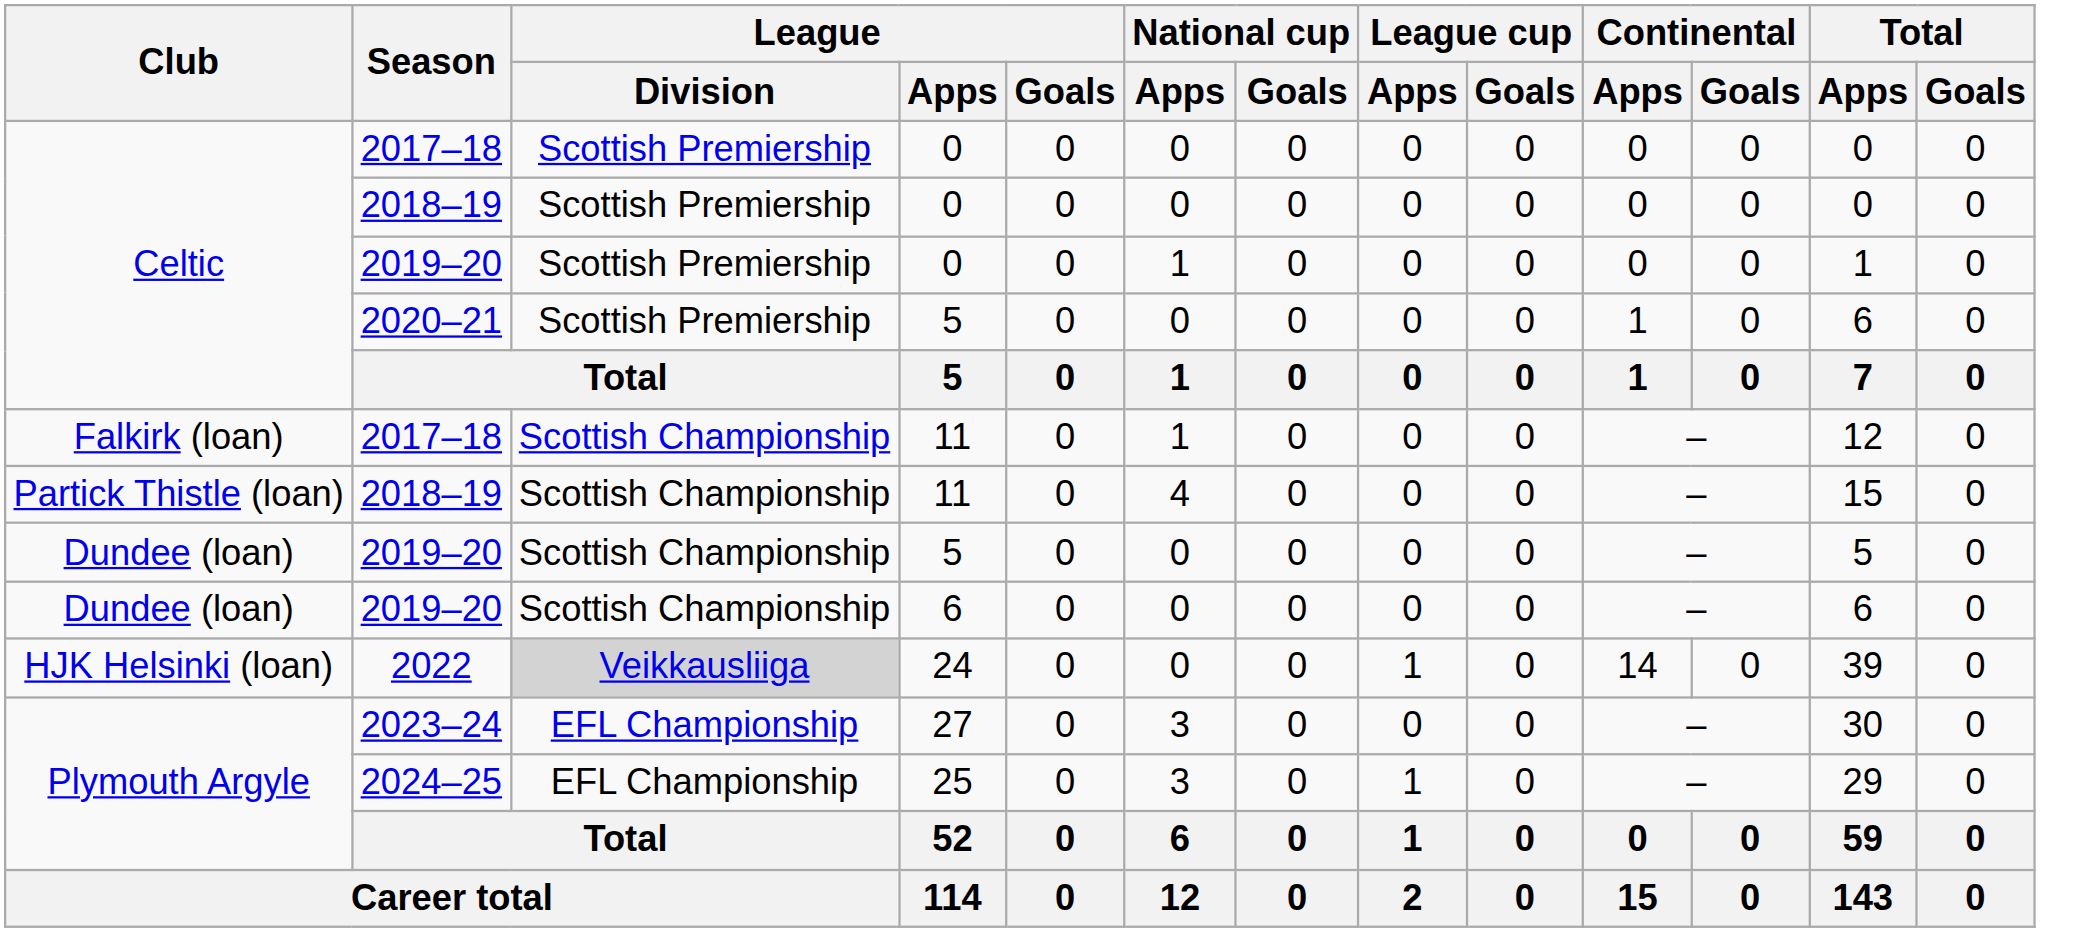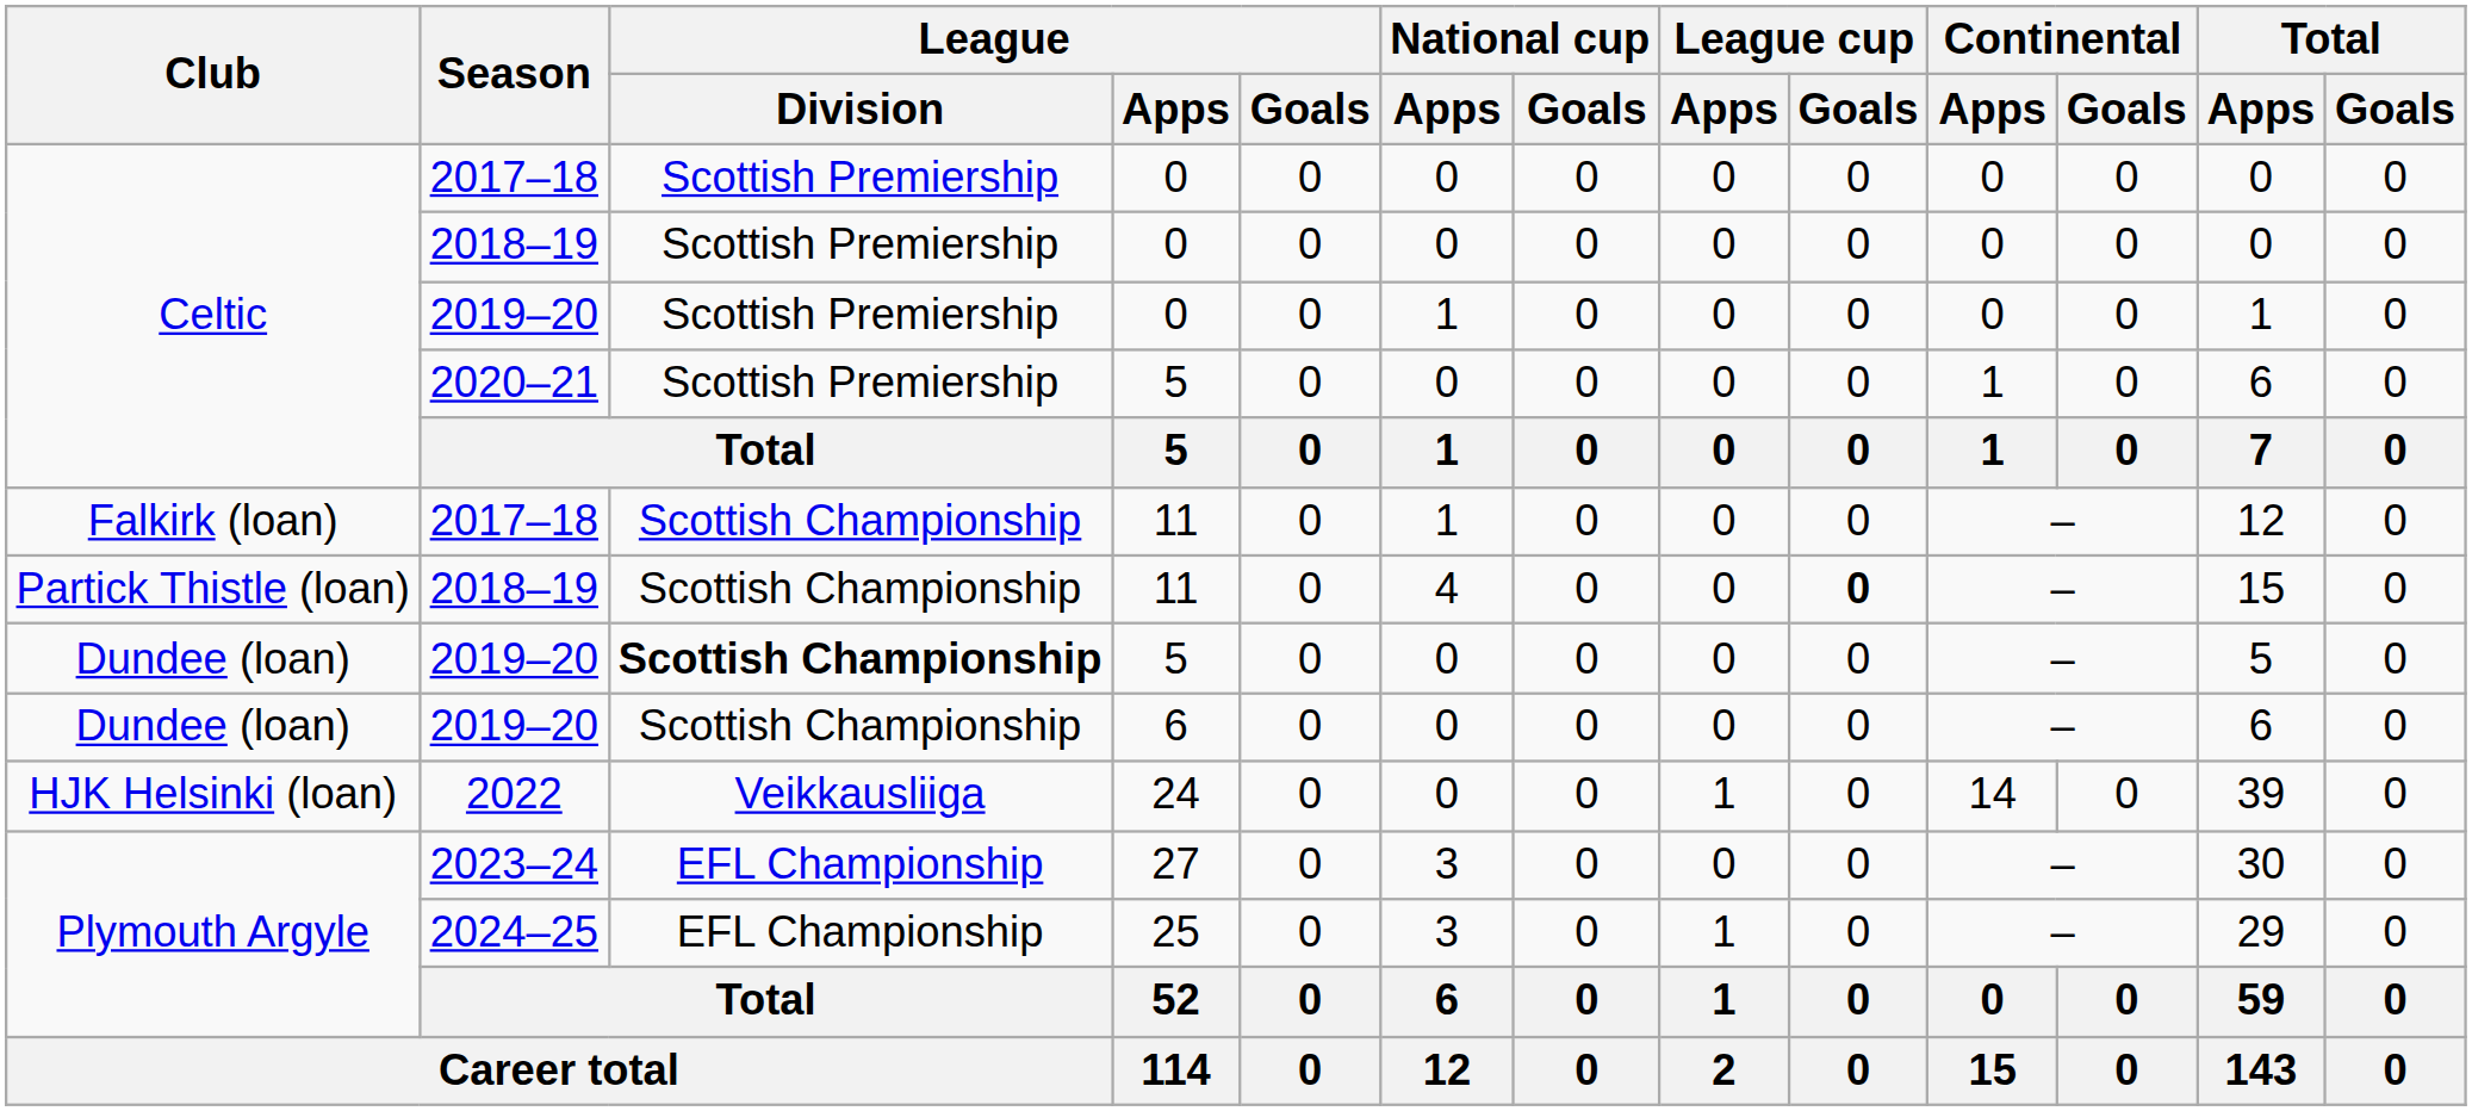 <table class="wikitable" style="text-align: center">
 <tr>
 <th rowspan="2">Club</th>
 <th rowspan="2">Season</th>
 <th colspan="3">League</th>
 <th colspan="2">National cup</th>
 <th colspan="2">League cup</th>
 <th colspan="2">Continental</th>
 <th colspan="2">Total</th>
 </tr>
 <tr>
 <th>Division</th>
 <th>Apps</th>
 <th>Goals</th>
 <th>Apps</th>
 <th>Goals</th>
 <th>Apps</th>
 <th>Goals</th>
 <th>Apps</th>
 <th>Goals</th>
 <th>Apps</th>
 <th>Goals</th>
 </tr>
 <tr>
 <td rowspan="5"><a href='#'>Celtic</a></td>
 <td><a href='#'>2017–18</a></td>
 <td><a href='#'>Scottish Premiership</a></td>
 <td>0</td>
 <td>0</td>
 <td>0</td>
 <td>0</td>
 <td>0</td>
 <td>0</td>
 <td>0</td>
 <td>0</td>
 <td>0</td>
 <td>0</td>
 </tr>
 <tr>
 <td><a href='#'>2018–19</a></td>
 <td>Scottish Premiership</td>
 <td>0</td>
 <td>0</td>
 <td>0</td>
 <td>0</td>
 <td>0</td>
 <td>0</td>
 <td>0</td>
 <td>0</td>
 <td>0</td>
 <td>0</td>
 </tr>
 <tr>
 <td><a href='#'>2019–20</a></td>
 <td>Scottish Premiership</td>
 <td>0</td>
 <td>0</td>
 <td>1</td>
 <td>0</td>
 <td>0</td>
 <td>0</td>
 <td>0</td>
 <td>0</td>
 <td>1</td>
 <td>0</td>
 </tr>
 <tr>
 <td><a href='#'>2020–21</a></td>
 <td>Scottish Premiership</td>
 <td>5</td>
 <td>0</td>
 <td>0</td>
 <td>0</td>
 <td>0</td>
 <td>0</td>
 <td>1</td>
 <td>0</td>
 <td>6</td>
 <td>0</td>
 </tr>
 <tr>
 <th colspan="2">Total</th>
 <th>5</th>
 <th>0</th>
 <th>1</th>
 <th>0</th>
 <th>0</th>
 <th>0</th>
 <th>1</th>
 <th>0</th>
 <th>7</th>
 <th>0</th>
 </tr>
 <tr>
 <td><a href='#'>Falkirk</a> (loan)</td>
 <td><a href='#'>2017–18</a></td>
 <td><a href='#'>Scottish Championship</a></td>
 <td>11</td>
 <td>0</td>
 <td>1</td>
 <td>0</td>
 <td>0</td>
 <td>0</td>
 <td colspan=2>–</td>
 <td>12</td>
 <td>0</td>
 </tr>
 <tr>
 <td><a href='#'>Partick Thistle</a> (loan)</td>
 <td><a href='#'>2018–19</a></td>
 <td>Scottish Championship</td>
 <td>11</td>
 <td>0</td>
 <td>4</td>
 <td>0</td>
 <td>0</td>
-<td>0</td>
+<td><strong>0</strong></td>
 <td colspan=2>–</td>
 <td>15</td>
 <td>0</td>
 </tr>
 <tr>
 <td><a href='#'>Dundee</a> (loan)</td>
 <td><a href='#'>2019–20</a></td>
-<td>Scottish Championship</td>
+<td><strong>Scottish Championship</strong></td>
 <td>5</td>
 <td>0</td>
 <td>0</td>
 <td>0</td>
 <td>0</td>
 <td>0</td>
 <td colspan=2>–</td>
 <td>5</td>
 <td>0</td>
 </tr>
 <tr>
 <td><a href='#'>Dundee</a> (loan)</td>
 <td><a href='#'>2019–20</a></td>
 <td>Scottish Championship</td>
 <td>6</td>
 <td>0</td>
 <td>0</td>
 <td>0</td>
 <td>0</td>
 <td>0</td>
 <td colspan=2>–</td>
 <td>6</td>
 <td>0</td>
 </tr>
 <tr>
 <td><a href='#'>HJK Helsinki</a> (loan)</td>
 <td><a href='#'>2022</a></td>
-<td style="background: lightgrey;"><a href='#'>Veikkausliiga</a></td>
+<td><a href='#'>Veikkausliiga</a></td>
 <td>24</td>
 <td>0</td>
 <td>0</td>
 <td>0</td>
 <td>1</td>
 <td>0</td>
 <td>14</td>
 <td>0</td>
 <td>39</td>
 <td>0</td>
 </tr>
 <tr>
 <td rowspan="3"><a href='#'>Plymouth Argyle</a></td>
 <td><a href='#'>2023–24</a></td>
 <td><a href='#'>EFL Championship</a></td>
 <td>27</td>
 <td>0</td>
 <td>3</td>
 <td>0</td>
 <td>0</td>
 <td>0</td>
 <td colspan=2>–</td>
 <td>30</td>
 <td>0</td>
 </tr>
 <tr>
 <td><a href='#'>2024–25</a></td>
 <td>EFL Championship</td>
 <td>25</td>
 <td>0</td>
 <td>3</td>
 <td>0</td>
 <td>1</td>
 <td>0</td>
 <td colspan=2>–</td>
 <td>29</td>
 <td>0</td>
 </tr>
 <tr>
 <th colspan="2">Total</th>
 <th>52</th>
 <th>0</th>
 <th>6</th>
 <th>0</th>
 <th>1</th>
 <th>0</th>
 <th>0</th>
 <th>0</th>
 <th>59</th>
 <th>0</th>
 </tr>
 <tr>
 <th colspan="3">Career total</th>
 <th>114</th>
 <th>0</th>
 <th>12</th>
 <th>0</th>
 <th>2</th>
 <th>0</th>
 <th>15</th>
 <th>0</th>
 <th>143</th>
 <th>0</th>
 </tr>
 </table>
